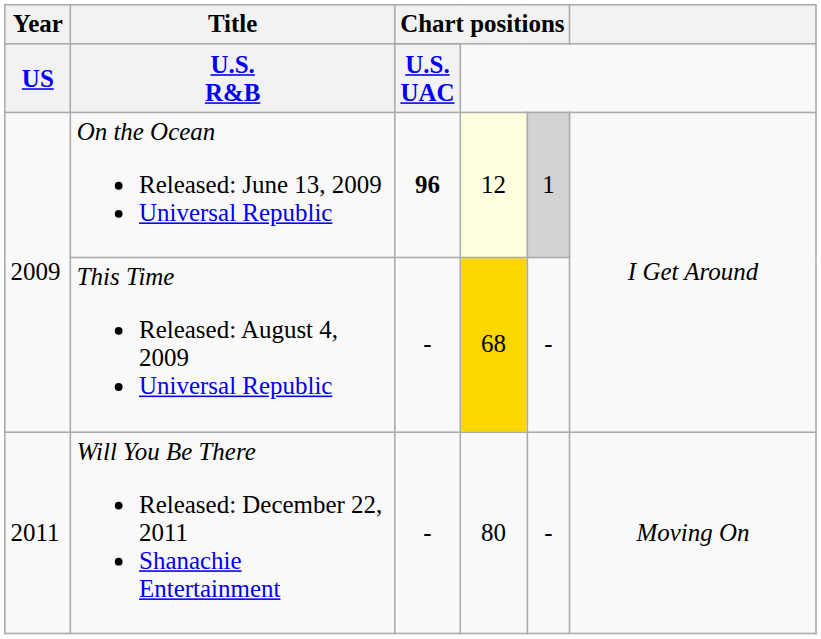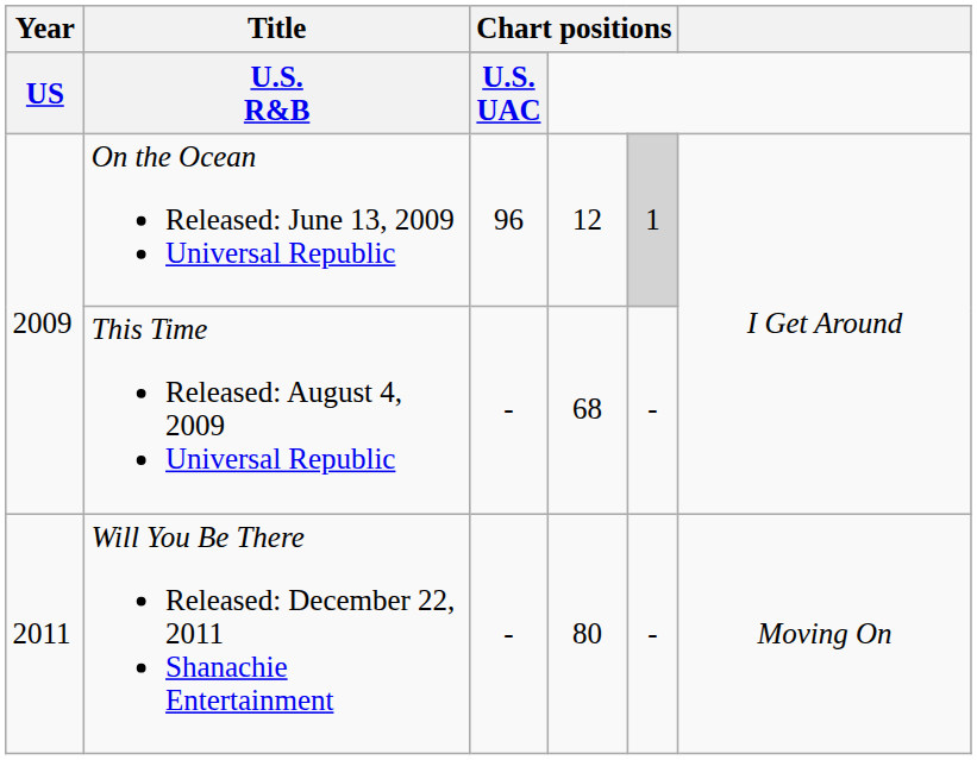 <table class="wikitable">
 <tr>
 <th rowspan="2">Year</th>
 <th rowspan="2" width="200">Title</th>
 <th colspan="3">Chart positions</th>
 <th rowspan="2" style="width:150px;"></th>
 </tr>
 <tr>
 </tr>
 <tr>
 <th width="35"><a href='#'>US</a></th>
 <th width="35"><a href='#'>U.S.<br>R&B</a></th>
 <th width="35"><a href='#'>U.S.<br>UAC</a></th>
 </tr>
 <tr>
 <td rowspan="2">2009</td>
 <td><em>On the Ocean</em><br><ul><li>Released: June 13, 2009</li><li><a href='#'>Universal Republic</a></li></ul></td>
-<td align="center"><strong>96</strong></td>
-<td align="center" style="background: lightyellow;">12</td>
+<td align="center">96</td>
+<td align="center">12</td>
 <td align="center" style="background: lightgrey;">1</td>
 <td rowspan="2" align="center"><em>I Get Around</em></td>
 </tr>
 <tr>
 <td><em>This Time</em><br><ul><li>Released: August 4, 2009</li><li><a href='#'>Universal Republic</a></li></ul></td>
 <td align="center">-</td>
-<td align="center" style="background: gold;">68</td>
+<td align="center">68</td>
 <td align="center">-</td>
 </tr>
 <tr>
 <td>2011</td>
 <td><em>Will You Be There</em><br><ul><li>Released: December 22, 2011</li><li><a href='#'>Shanachie Entertainment</a></li></ul></td>
 <td align="center">-</td>
 <td align="center">80</td>
 <td align="center">-</td>
 <td align="center"><em>Moving On</em></td>
 </tr>
 </table>
